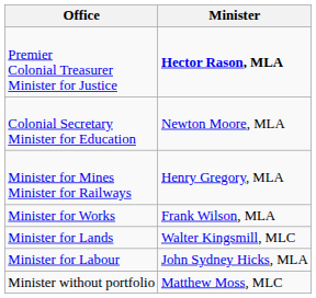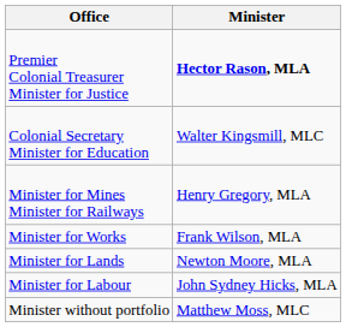 <table class="wikitable">
 <tr>
 <th>Office</th>
 <th>Minister</th>
 </tr>
 <tr>
 <td><br><a href='#'>Premier</a><br> <a href='#'>Colonial Treasurer</a><br> <a href='#'>Minister for Justice</a><br></td>
 <td><strong><a href='#'>Hector Rason</a>, MLA</strong></td>
 </tr>
 <tr>
 <td><br><a href='#'>Colonial Secretary</a><br> <a href='#'>Minister for Education</a><br></td>
-<td><a href='#'>Newton Moore</a>, MLA</td>
+<td><a href='#'>Walter Kingsmill</a>, MLC</td>
 </tr>
 <tr>
 <td><br><a href='#'>Minister for Mines</a><br> <a href='#'>Minister for Railways</a><br></td>
 <td><a href='#'>Henry Gregory</a>, MLA</td>
 </tr>
 <tr>
 <td><a href='#'>Minister for Works</a></td>
 <td><a href='#'>Frank Wilson</a>, MLA</td>
 </tr>
 <tr>
 <td><a href='#'>Minister for Lands</a></td>
-<td><a href='#'>Walter Kingsmill</a>, MLC</td>
+<td><a href='#'>Newton Moore</a>, MLA</td>
 </tr>
 <tr>
 <td><a href='#'>Minister for Labour</a><br></td>
 <td><a href='#'>John Sydney Hicks</a>, MLA</td>
 </tr>
 <tr>
 <td>Minister without portfolio</td>
 <td><a href='#'>Matthew Moss</a>, MLC</td>
 </tr>
 </table>
